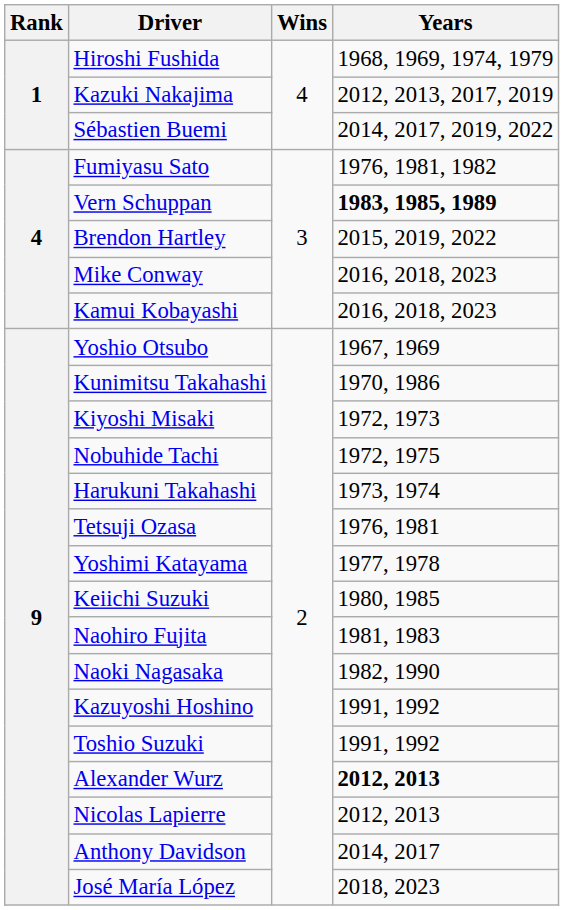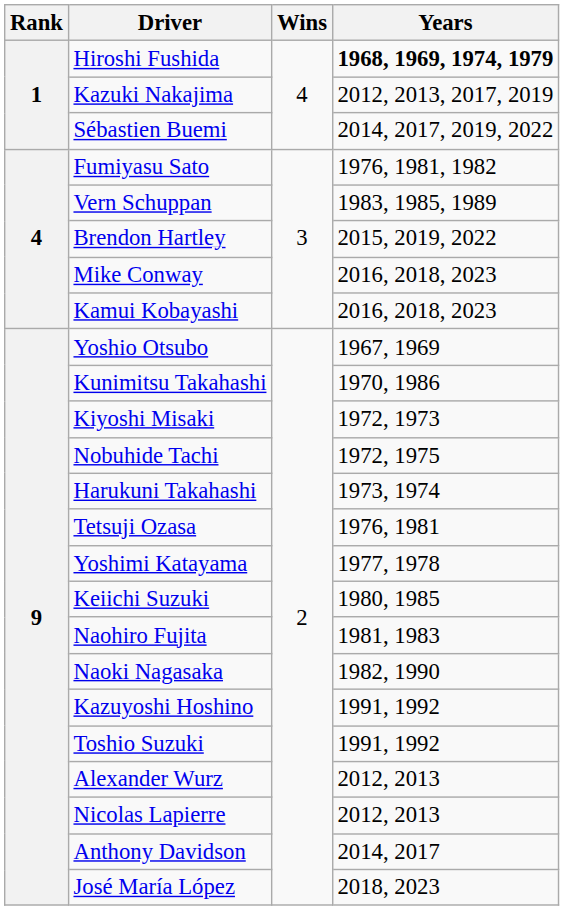 <table class=wikitable>
 <tr>
 <th>Rank</th>
 <th>Driver</th>
 <th>Wins</th>
 <th>Years</th>
 </tr>
 <tr>
 <th rowspan=3>1</th>
 <td> <a href='#'>Hiroshi Fushida</a></td>
 <td rowspan=3 align=center>4</td>
-<td>1968, 1969, 1974, 1979</td>
+<td><strong>1968, 1969, 1974, 1979</strong></td>
 </tr>
 <tr>
 <td> <a href='#'>Kazuki Nakajima</a></td>
 <td>2012, 2013, 2017, 2019</td>
 </tr>
 <tr>
 <td> <a href='#'>Sébastien Buemi</a></td>
 <td>2014, 2017, 2019, 2022</td>
 </tr>
 <tr>
 <th rowspan=5>4</th>
 <td> <a href='#'>Fumiyasu Sato</a></td>
 <td rowspan=5 align=center>3</td>
 <td>1976, 1981, 1982</td>
 </tr>
 <tr>
 <td> <a href='#'>Vern Schuppan</a></td>
-<td><strong>1983, 1985, 1989</strong></td>
+<td>1983, 1985, 1989</td>
 </tr>
 <tr>
 <td> <a href='#'>Brendon Hartley</a></td>
 <td>2015, 2019, 2022</td>
 </tr>
 <tr>
 <td> <a href='#'>Mike Conway</a></td>
 <td>2016, 2018, 2023</td>
 </tr>
 <tr>
 <td> <a href='#'>Kamui Kobayashi</a></td>
 <td>2016, 2018, 2023</td>
 </tr>
 <tr>
 <th rowspan=16>9</th>
 <td> <a href='#'>Yoshio Otsubo</a></td>
 <td rowspan=16 align=center>2</td>
 <td>1967, 1969</td>
 </tr>
 <tr>
 <td> <a href='#'>Kunimitsu Takahashi</a></td>
 <td>1970, 1986</td>
 </tr>
 <tr>
 <td> <a href='#'>Kiyoshi Misaki</a></td>
 <td>1972, 1973</td>
 </tr>
 <tr>
 <td> <a href='#'>Nobuhide Tachi</a></td>
 <td>1972, 1975</td>
 </tr>
 <tr>
 <td> <a href='#'>Harukuni Takahashi</a></td>
 <td>1973, 1974</td>
 </tr>
 <tr>
 <td> <a href='#'>Tetsuji Ozasa</a></td>
 <td>1976, 1981</td>
 </tr>
 <tr>
 <td> <a href='#'>Yoshimi Katayama</a></td>
 <td>1977, 1978</td>
 </tr>
 <tr>
 <td> <a href='#'>Keiichi Suzuki</a></td>
 <td>1980, 1985</td>
 </tr>
 <tr>
 <td> <a href='#'>Naohiro Fujita</a></td>
 <td>1981, 1983</td>
 </tr>
 <tr>
 <td> <a href='#'>Naoki Nagasaka</a></td>
 <td>1982, 1990</td>
 </tr>
 <tr>
 <td> <a href='#'>Kazuyoshi Hoshino</a></td>
 <td>1991, 1992</td>
 </tr>
 <tr>
 <td> <a href='#'>Toshio Suzuki</a></td>
 <td>1991, 1992</td>
 </tr>
 <tr>
 <td> <a href='#'>Alexander Wurz</a></td>
-<td><strong>2012, 2013</strong></td>
+<td>2012, 2013</td>
 </tr>
 <tr>
 <td> <a href='#'>Nicolas Lapierre</a></td>
 <td>2012, 2013</td>
 </tr>
 <tr>
 <td> <a href='#'>Anthony Davidson</a></td>
 <td>2014, 2017</td>
 </tr>
 <tr>
 <td> <a href='#'>José María López</a></td>
 <td>2018, 2023</td>
 </tr>
 </table>
